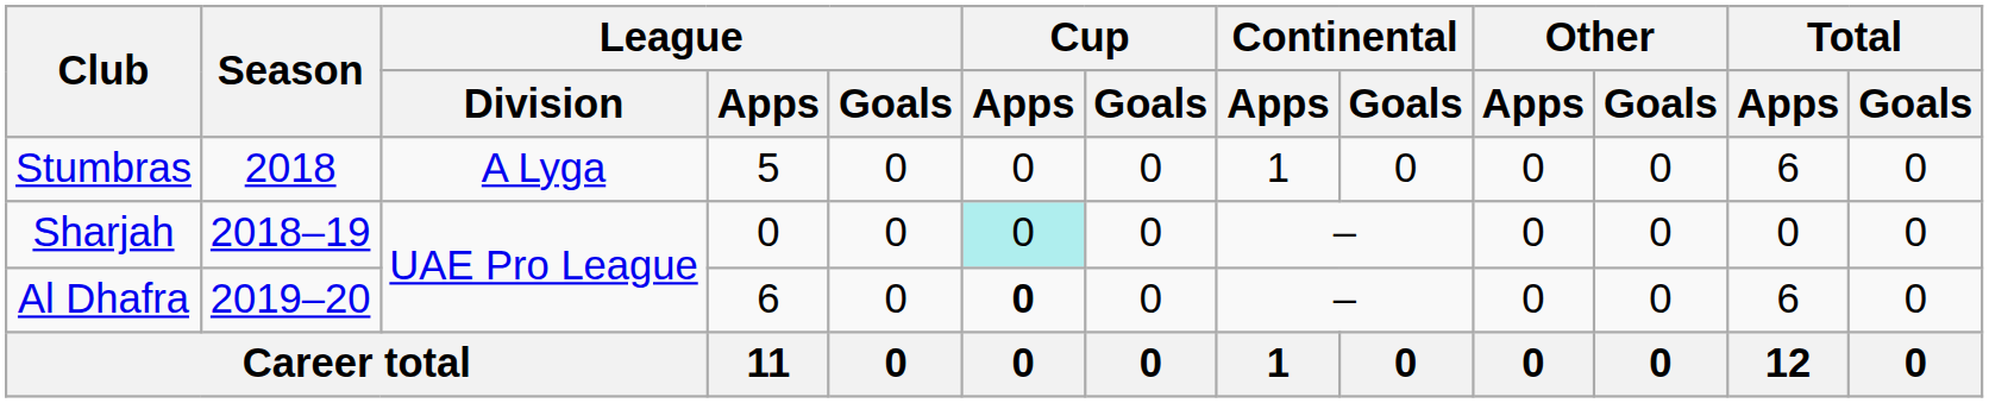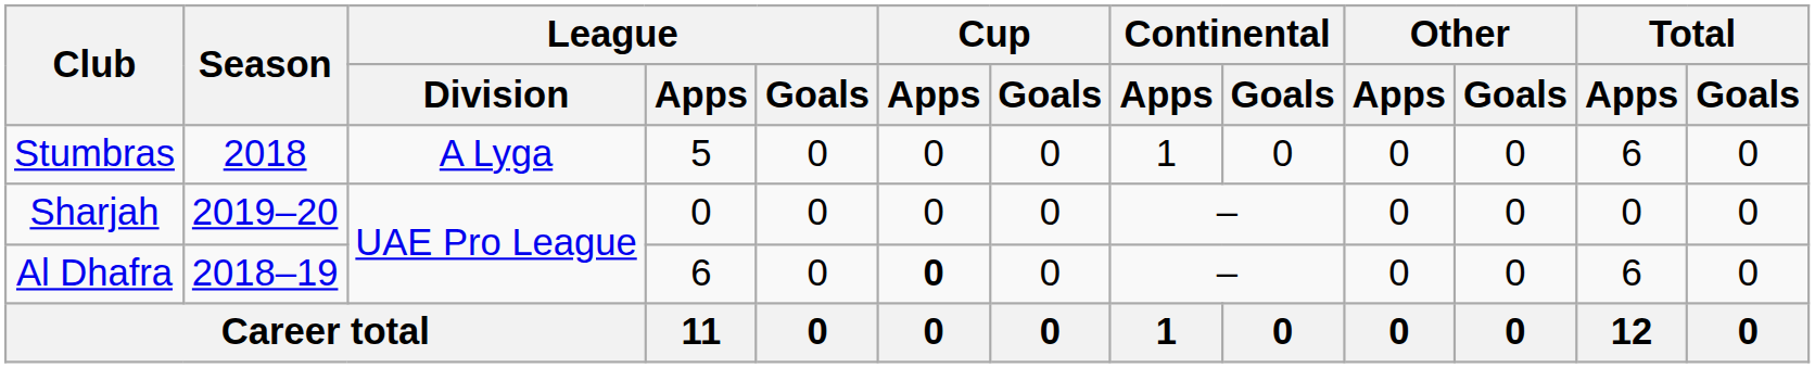 <table class="wikitable" style="text-align: center">
 <tr>
 <th rowspan="2">Club</th>
 <th rowspan="2">Season</th>
 <th colspan="3">League</th>
 <th colspan="2">Cup</th>
 <th colspan="2">Continental</th>
 <th colspan="2">Other</th>
 <th colspan="2">Total</th>
 </tr>
 <tr>
 <th>Division</th>
 <th>Apps</th>
 <th>Goals</th>
 <th>Apps</th>
 <th>Goals</th>
 <th>Apps</th>
 <th>Goals</th>
 <th>Apps</th>
 <th>Goals</th>
 <th>Apps</th>
 <th>Goals</th>
 </tr>
 <tr>
 <td><a href='#'>Stumbras</a></td>
 <td><a href='#'>2018</a></td>
 <td><a href='#'>A Lyga</a></td>
 <td>5</td>
 <td>0</td>
 <td>0</td>
 <td>0</td>
 <td>1</td>
 <td>0</td>
 <td>0</td>
 <td>0</td>
 <td>6</td>
 <td>0</td>
 </tr>
 <tr>
 <td><a href='#'>Sharjah</a></td>
-<td><a href='#'>2018–19</a></td>
+<td><a href='#'>2019–20</a></td>
 <td rowspan="2"><a href='#'>UAE Pro League</a></td>
 <td>0</td>
 <td>0</td>
-<td style="background: paleturquoise;">0</td>
+<td>0</td>
 <td>0</td>
 <td colspan="2">–</td>
 <td>0</td>
 <td>0</td>
 <td>0</td>
 <td>0</td>
 </tr>
 <tr>
 <td><a href='#'>Al Dhafra</a></td>
-<td><a href='#'>2019–20</a></td>
+<td><a href='#'>2018–19</a></td>
 <td>6</td>
 <td>0</td>
 <td><strong>0</strong></td>
 <td>0</td>
 <td colspan="2">–</td>
 <td>0</td>
 <td>0</td>
 <td>6</td>
 <td>0</td>
 </tr>
 <tr>
 <th colspan="3"><strong>Career total</strong></th>
 <th>11</th>
 <th>0</th>
 <th>0</th>
 <th>0</th>
 <th>1</th>
 <th>0</th>
 <th>0</th>
 <th>0</th>
 <th>12</th>
 <th>0</th>
 </tr>
 </table>
